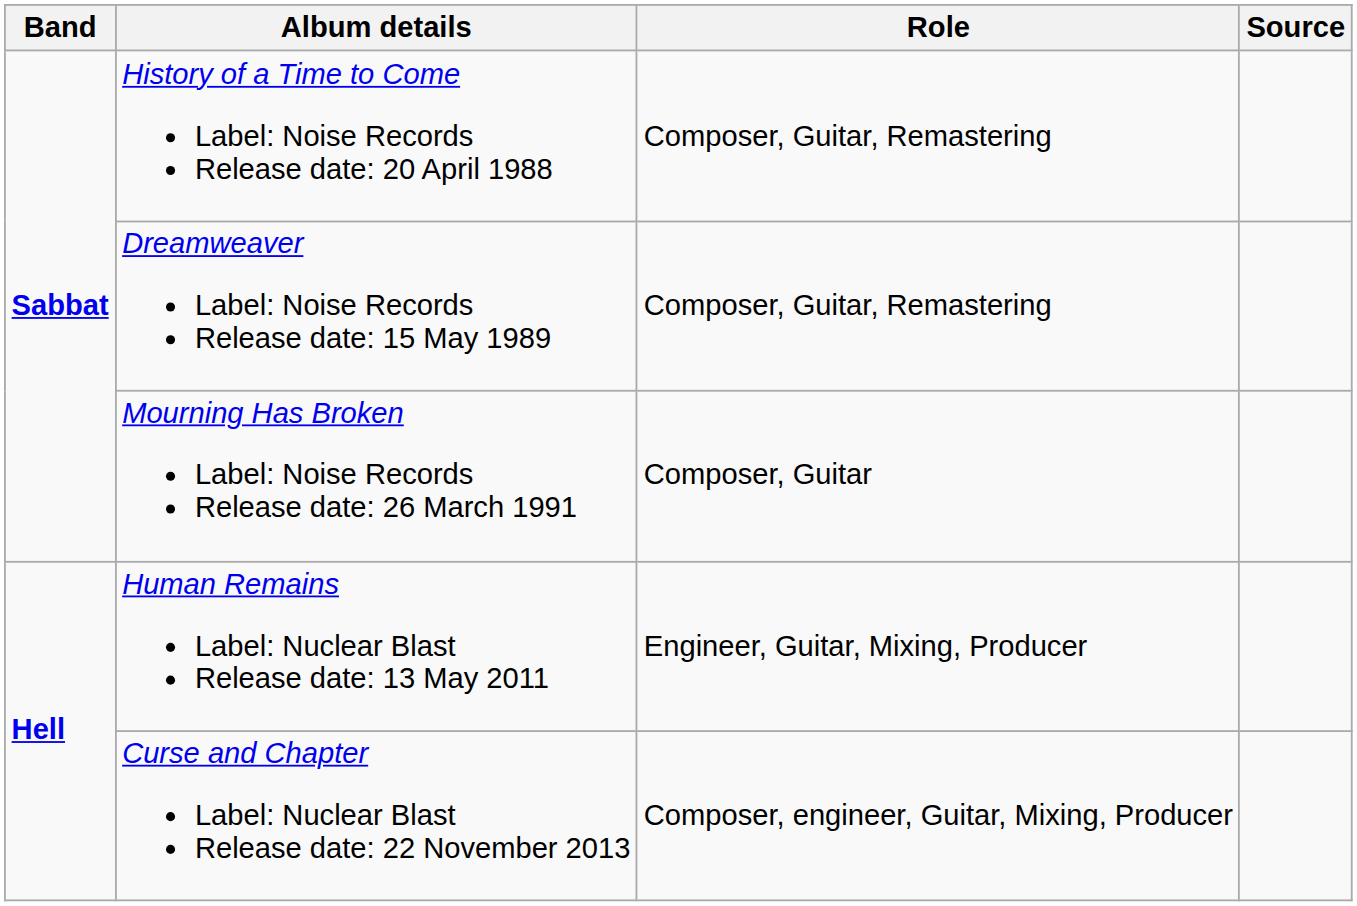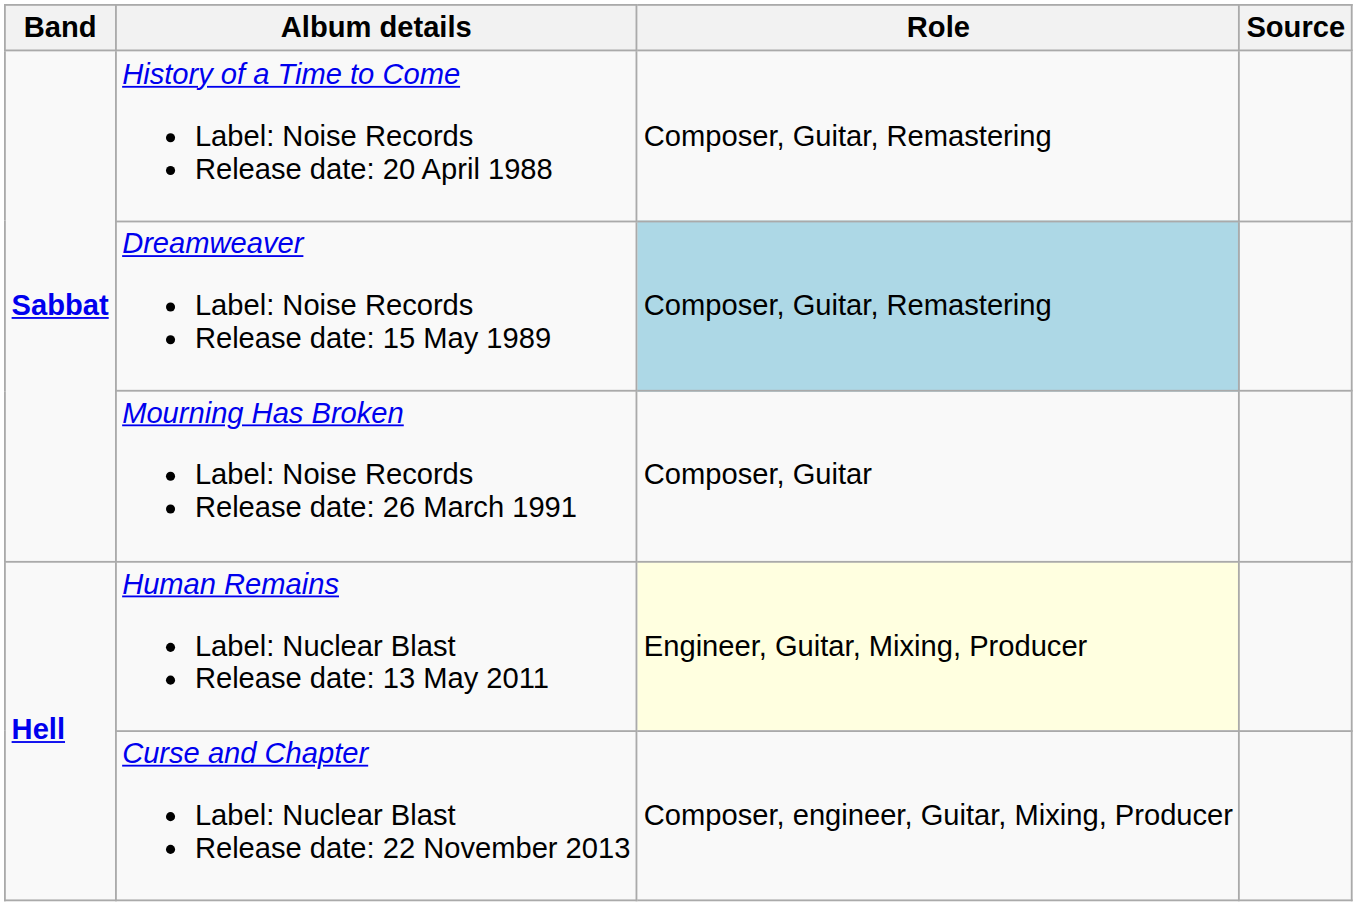 <table class="wikitable">
 <tr>
 <th>Band</th>
 <th>Album details</th>
 <th>Role</th>
 <th>Source</th>
 </tr>
 <tr>
 <td rowspan=3><strong><a href='#'>Sabbat</a></strong></td>
 <td><em><a href='#'>History of a Time to Come</a></em><br><ul><li>Label:  Noise Records</li><li>Release date: 20 April 1988</li></ul></td>
 <td>Composer, Guitar, Remastering</td>
 <td style="text-align:center;"></td>
 </tr>
 <tr>
 <td><em><a href='#'>Dreamweaver</a></em><br><ul><li>Label:  Noise Records</li><li>Release date: 15 May 1989</li></ul></td>
-<td>Composer, Guitar, Remastering</td>
+<td style="background: lightblue;">Composer, Guitar, Remastering</td>
 <td style="text-align:center;"></td>
 </tr>
 <tr>
 <td><em><a href='#'>Mourning Has Broken</a></em><br><ul><li>Label:  Noise Records</li><li>Release date: 26 March 1991</li></ul></td>
 <td>Composer, Guitar</td>
 <td style="text-align:center;"></td>
 </tr>
 <tr>
 <td rowspan=2><strong><a href='#'>Hell</a></strong></td>
 <td><em><a href='#'>Human Remains</a></em><br><ul><li>Label:  Nuclear Blast</li><li>Release date: 13 May 2011</li></ul></td>
-<td>Engineer, Guitar, Mixing, Producer</td>
+<td style="background: lightyellow;">Engineer, Guitar, Mixing, Producer</td>
 <td style="text-align:center;"></td>
 </tr>
 <tr>
 <td><em><a href='#'>Curse and Chapter</a></em><br><ul><li>Label:  Nuclear Blast</li><li>Release date: 22 November 2013</li></ul></td>
 <td>Composer, engineer, Guitar, Mixing, Producer</td>
 <td style="text-align:center;"></td>
 </tr>
 </table>
